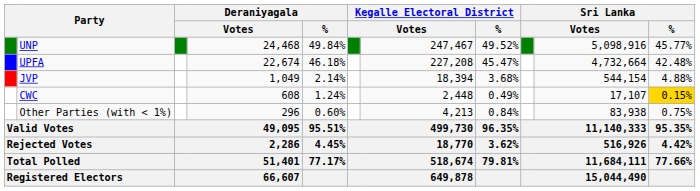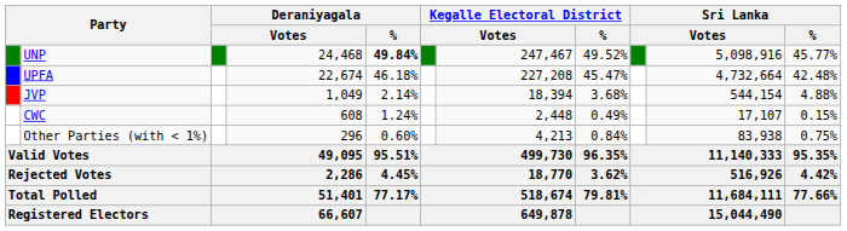 <table class="wikitable">
 <tr>
 <th colspan="2" width="144px"rowspan="2">Party</th>
 <th colspan="3" width="216px">Deraniyagala</th>
 <th colspan="3" width="216px"><a href='#'>Kegalle Electoral District</a></th>
 <th colspan="3" width="216px">Sri Lanka</th>
 </tr>
 <tr>
 <th colspan="2" width="144px">Votes</th>
 <th>%</th>
 <th colspan="2" width="144px">Votes</th>
 <th>%</th>
 <th colspan="2" width="144px">Votes</th>
 <th>%</th>
 </tr>
 <tr>
 <td style="background-color:green;" width="10px"></td>
 <td style="text-align:left;"><a href='#'>UNP</a></td>
 <td style="background-color:green;" width="10px"></td>
 <td style="text-align:right;">24,468</td>
-<td style="text-align:right;">49.84%</td>
+<td style="text-align:right;"><strong>49.84%</strong></td>
 <td style="background-color:green;" width="10px"></td>
 <td style="text-align:right;">247,467</td>
 <td style="text-align:right;">49.52%</td>
 <td style="background-color:green;" width="10px"></td>
 <td style="text-align:right;">5,098,916</td>
 <td style="text-align:right;">45.77%</td>
 </tr>
 <tr>
 <td style="background-color:blue;" width="10px"></td>
 <td style="text-align:left;"><a href='#'>UPFA</a></td>
 <td style="background-color:white;" width="10px"></td>
 <td style="text-align:right;">22,674</td>
 <td style="text-align:right;">46.18%</td>
 <td style="background-color:white;" width="10px"></td>
 <td style="text-align:right;">227,208</td>
 <td style="text-align:right;">45.47%</td>
 <td style="background-color:white;" width="10px"></td>
 <td style="text-align:right;">4,732,664</td>
 <td style="text-align:right;">42.48%</td>
 </tr>
 <tr>
 <td style="background-color:red;" width="10px"></td>
 <td style="text-align:left;"><a href='#'>JVP</a></td>
 <td style="background-color:white;" width="10px"></td>
 <td style="text-align:right;">1,049</td>
 <td style="text-align:right;">2.14%</td>
 <td style="background-color:white;" width="10px"></td>
 <td style="text-align:right;">18,394</td>
 <td style="text-align:right;">3.68%</td>
 <td style="background-color:white;" width="10px"></td>
 <td style="text-align:right;">544,154</td>
 <td style="text-align:right;">4.88%</td>
 </tr>
 <tr>
 <td style="background-color:white;" width="10px"></td>
 <td style="text-align:left;"><a href='#'>CWC</a></td>
 <td style="background-color:white;" width="10px"></td>
 <td style="text-align:right;">608</td>
 <td style="text-align:right;">1.24%</td>
 <td style="background-color:white;" width="10px"></td>
 <td style="text-align:right;">2,448</td>
 <td style="text-align:right;">0.49%</td>
 <td style="background-color:white;" width="10px"></td>
 <td style="text-align:right;">17,107</td>
-<td style="background: gold; text-align:right;">0.15%</td>
+<td style="text-align:right;">0.15%</td>
 </tr>
 <tr>
 <td style="background-color:white;" width="10px"></td>
 <td style="text-align:left;">Other Parties (with < 1%)</td>
 <td style="background-color:white;" width="10px"></td>
 <td style="text-align:right;">296</td>
 <td style="text-align:right;">0.60%</td>
 <td style="background-color:white;" width="10px"></td>
 <td style="text-align:right;">4,213</td>
 <td style="text-align:right;">0.84%</td>
 <td style="background-color:white;" width="10px"></td>
 <td style="text-align:right;">83,938</td>
 <td style="text-align:right;">0.75%</td>
 </tr>
 <tr>
 <th colspan="2" width="144px"style="text-align:left;">Valid Votes</th>
 <th style="text-align:right;"colspan="2" width="144px">49,095</th>
 <th style="text-align:right;">95.51%</th>
 <th style="text-align:right;"colspan="2" width="144px">499,730</th>
 <th style="text-align:right;">96.35%</th>
 <th style="text-align:right;"colspan="2" width="144px">11,140,333</th>
 <th style="text-align:right;">95.35%</th>
 </tr>
 <tr>
 <th colspan="2" width="144px"style="text-align:left;">Rejected Votes</th>
 <th style="text-align:right;"colspan="2" width="144px">2,286</th>
 <th style="text-align:right;">4.45%</th>
 <th style="text-align:right;"colspan="2" width="144px">18,770</th>
 <th style="text-align:right;">3.62%</th>
 <th style="text-align:right;"colspan="2" width="144px">516,926</th>
 <th style="text-align:right;">4.42%</th>
 </tr>
 <tr>
 <th colspan="2" width="144px"style="text-align:left;">Total Polled</th>
 <th style="text-align:right;"colspan="2" width="144px">51,401</th>
 <th style="text-align:right;">77.17%</th>
 <th style="text-align:right;"colspan="2" width="144px">518,674</th>
 <th style="text-align:right;">79.81%</th>
 <th style="text-align:right;"colspan="2" width="144px">11,684,111</th>
 <th style="text-align:right;">77.66%</th>
 </tr>
 <tr>
 <th colspan="2" width="144px"style="text-align:left;">Registered Electors</th>
 <th style="text-align:right;"colspan="2" width="144px">66,607</th>
 <th></th>
 <th style="text-align:right;"colspan="2" width="144px">649,878</th>
 <th></th>
 <th style="text-align:right;"colspan="2" width="144px">15,044,490</th>
 <th></th>
 </tr>
 </table>
